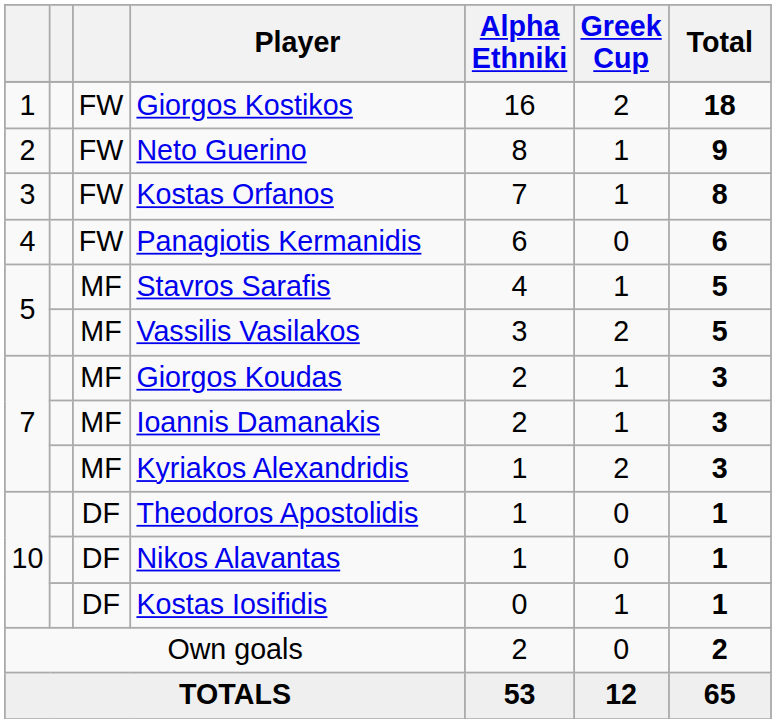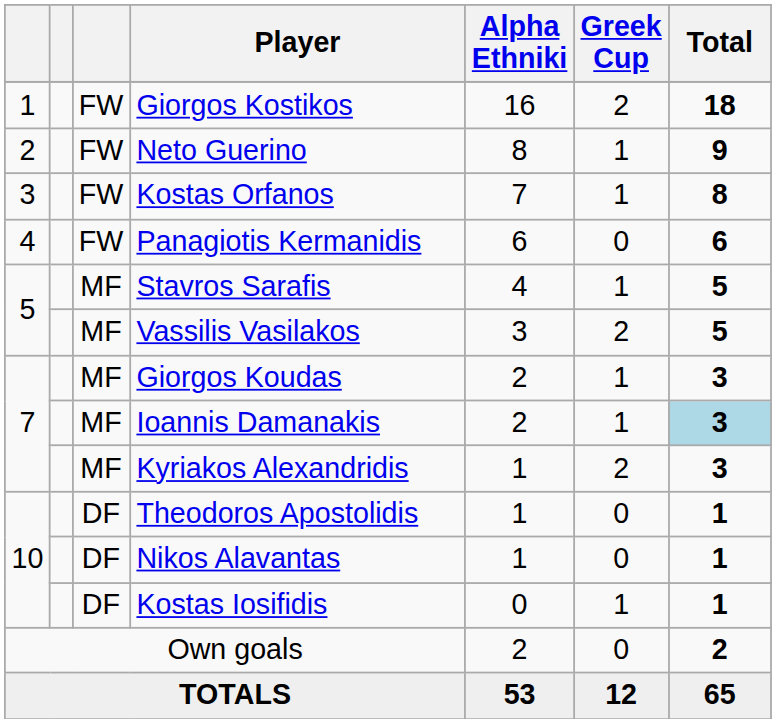 <table class="wikitable sortable" style="text-align:center">
 <tr>
 <th width=5></th>
 <th width=5></th>
 <th width=5></th>
 <th width=180>Player</th>
 <th width=30><a href='#'>Alpha Ethniki</a></th>
 <th width=30><a href='#'>Greek Cup</a></th>
 <th width=50>Total</th>
 </tr>
 <tr>
 </tr>
 <tr>
 <td>1</td>
 <td></td>
 <td>FW</td>
 <td align=left> <a href='#'>Giorgos Kostikos</a></td>
 <td>16</td>
 <td>2</td>
 <td><strong>18</strong></td>
 </tr>
 <tr>
 <td>2</td>
 <td></td>
 <td>FW</td>
 <td align=left> <a href='#'>Neto Guerino</a></td>
 <td>8</td>
 <td>1</td>
 <td><strong>9</strong></td>
 </tr>
 <tr>
 <td>3</td>
 <td></td>
 <td>FW</td>
 <td align=left> <a href='#'>Kostas Orfanos</a></td>
 <td>7</td>
 <td>1</td>
 <td><strong>8</strong></td>
 </tr>
 <tr>
 <td>4</td>
 <td></td>
 <td>FW</td>
 <td align=left> <a href='#'>Panagiotis Kermanidis</a></td>
 <td>6</td>
 <td>0</td>
 <td><strong>6</strong></td>
 </tr>
 <tr>
 <td rowspan=2>5</td>
 <td></td>
 <td>MF</td>
 <td align=left> <a href='#'>Stavros Sarafis</a></td>
 <td>4</td>
 <td>1</td>
 <td><strong>5</strong></td>
 </tr>
 <tr>
 <td></td>
 <td>MF</td>
 <td align=left> <a href='#'>Vassilis Vasilakos</a></td>
 <td>3</td>
 <td>2</td>
 <td><strong>5</strong></td>
 </tr>
 <tr>
 <td rowspan=3>7</td>
 <td></td>
 <td>MF</td>
 <td align=left> <a href='#'>Giorgos Koudas</a></td>
 <td>2</td>
 <td>1</td>
 <td><strong>3</strong></td>
 </tr>
 <tr>
 <td></td>
 <td>MF</td>
 <td align=left> <a href='#'>Ioannis Damanakis</a></td>
 <td>2</td>
 <td>1</td>
-<td><strong>3</strong></td>
+<td style="background: lightblue;"><strong>3</strong></td>
 </tr>
 <tr>
 <td></td>
 <td>MF</td>
 <td align=left> <a href='#'>Kyriakos Alexandridis</a></td>
 <td>1</td>
 <td>2</td>
 <td><strong>3</strong></td>
 </tr>
 <tr>
 <td rowspan=3>10</td>
 <td></td>
 <td>DF</td>
 <td align=left> <a href='#'>Theodoros Apostolidis</a></td>
 <td>1</td>
 <td>0</td>
 <td><strong>1</strong></td>
 </tr>
 <tr>
 <td></td>
 <td>DF</td>
 <td align=left> <a href='#'>Nikos Alavantas</a></td>
 <td>1</td>
 <td>0</td>
 <td><strong>1</strong></td>
 </tr>
 <tr>
 <td></td>
 <td>DF</td>
 <td align=left> <a href='#'>Kostas Iosifidis</a></td>
 <td>0</td>
 <td>1</td>
 <td><strong>1</strong></td>
 </tr>
 <tr>
 <td colspan="4">Own goals</td>
 <td>2</td>
 <td>0</td>
 <td><strong>2</strong></td>
 </tr>
 <tr bgcolor="#EFEFEF">
 <td colspan=4><strong>TOTALS</strong></td>
 <td><strong>53</strong></td>
 <td><strong>12</strong></td>
 <td><strong>65</strong></td>
 </tr>
 </table>
